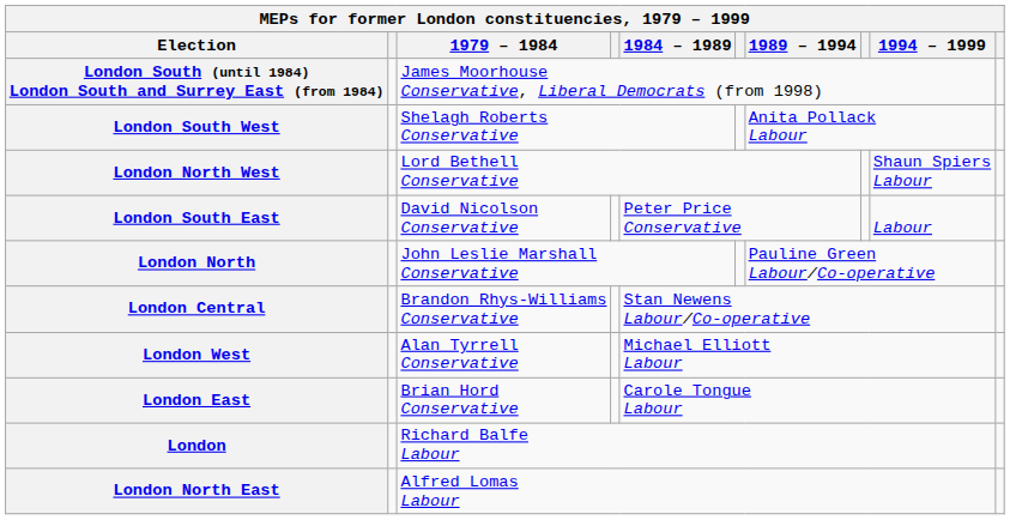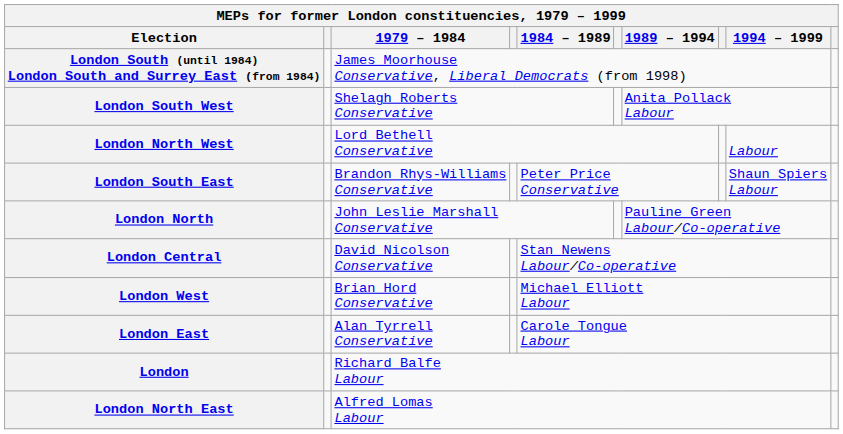 <table class="wikitable">
 <tr>
 <th colspan = 10>MEPs for former London constituencies, 1979 – 1999</th>
 </tr>
 <tr>
 <th>Election</th>
 <th style="width:1px;"></th>
 <th><a href='#'>1979</a> – 1984</th>
 <th style="width:1px;"></th>
 <th><a href='#'>1984</a> – 1989</th>
 <th style="width:1px;"></th>
 <th><a href='#'>1989</a> – 1994</th>
 <th style="width:1px;"></th>
 <th><a href='#'>1994</a> – 1999</th>
 <th style="width:1px;"></th>
 </tr>
 <tr>
 <th><a href='#'>London South</a> <small>(until 1984)</small><br><a href='#'>London South and Surrey East</a> <small>(from 1984)</small></th>
 <td width=1px style="background-color: "></td>
 <td colspan = 7><a href='#'>James Moorhouse</a><br><em><a href='#'>Conservative</a></em>, <em><a href='#'>Liberal Democrats</a></em> (from 1998)</td>
 <td width=1px style="background-color: "></td>
 </tr>
 <tr>
 <th><a href='#'>London South West</a></th>
 <td width=1px style="background-color: "></td>
 <td colspan = 3><a href='#'>Shelagh Roberts</a><br><em><a href='#'>Conservative</a></em></td>
 <td width=1px style="background-color: "></td>
 <td colspan = 3><a href='#'>Anita Pollack</a><br><em><a href='#'>Labour</a></em></td>
 <td width=1px style="background-color: "></td>
 </tr>
 <tr>
 <th><a href='#'>London North West</a></th>
 <td width=1px style="background-color: "></td>
 <td colspan = 5><a href='#'>Lord Bethell</a><br><em><a href='#'>Conservative</a></em></td>
 <td width=1px style="background-color: "></td>
-<td><a href='#'>Shaun Spiers</a><br><em><a href='#'>Labour</a></em></td>
+<td><br><em><a href='#'>Labour</a></em></td>
 <td width=1px style="background-color: "></td>
 </tr>
 <tr>
 <th><a href='#'>London South East</a></th>
 <td width=1px style="background-color: "></td>
-<td><a href='#'>David Nicolson</a><br><em><a href='#'>Conservative</a></em></td>
+<td><a href='#'>Brandon Rhys-Williams</a><br><em><a href='#'>Conservative</a></em></td>
 <td width=1px style="background-color: "></td>
 <td colspan = 3><a href='#'>Peter Price</a><br><em><a href='#'>Conservative</a></em></td>
 <td width=1px style="background-color: "></td>
-<td><br><em><a href='#'>Labour</a></em></td>
+<td><a href='#'>Shaun Spiers</a><br><em><a href='#'>Labour</a></em></td>
 <td width=1px style="background-color: "></td>
 </tr>
 <tr>
 <th><a href='#'>London North</a></th>
 <td width=1px style="background-color: "></td>
 <td colspan = 3><a href='#'>John Leslie Marshall</a><br><em><a href='#'>Conservative</a></em></td>
 <td width=1px style="background-color: "></td>
 <td colspan = 3><a href='#'>Pauline Green</a><br><em><a href='#'>Labour</a>/<a href='#'>Co-operative</a></em></td>
 <td width=1px style="background-color: "></td>
 </tr>
 <tr>
 <th><a href='#'>London Central</a></th>
 <td width=1px style="background-color: "></td>
-<td><a href='#'>Brandon Rhys-Williams</a><br><em><a href='#'>Conservative</a></em></td>
+<td><a href='#'>David Nicolson</a><br><em><a href='#'>Conservative</a></em></td>
 <td width=1px style="background-color: "></td>
 <td colspan = 5><a href='#'>Stan Newens</a><br><em><a href='#'>Labour</a>/<a href='#'>Co-operative</a></em></td>
 <td width=1px style="background-color: "></td>
 </tr>
 <tr>
 <th><a href='#'>London West</a></th>
 <td width=1px style="background-color: "></td>
-<td><a href='#'>Alan Tyrrell</a><br><em><a href='#'>Conservative</a></em></td>
+<td><a href='#'>Brian Hord</a><br><em><a href='#'>Conservative</a></em></td>
 <td width=1px style="background-color: "></td>
 <td colspan = 5><a href='#'>Michael Elliott</a><br><em><a href='#'>Labour</a></em></td>
 <td width=1px style="background-color: "></td>
 </tr>
 <tr>
 <th><a href='#'>London East</a></th>
 <td width=1px style="background-color: "></td>
-<td><a href='#'>Brian Hord</a><br><em><a href='#'>Conservative</a></em></td>
+<td><a href='#'>Alan Tyrrell</a><br><em><a href='#'>Conservative</a></em></td>
 <td width=1px style="background-color: "></td>
 <td colspan = 5><a href='#'>Carole Tongue</a><br><em><a href='#'>Labour</a></em></td>
 <td width=1px style="background-color: "></td>
 </tr>
 <tr>
 <th><a href='#'>London </a></th>
 <td width=1px style="background-color: "></td>
 <td colspan = 7><a href='#'>Richard Balfe</a><br><em><a href='#'>Labour</a></em></td>
 <td width=1px style="background-color: "></td>
 </tr>
 <tr>
 <th><a href='#'>London North East</a></th>
 <td width=1px style="background-color: "></td>
 <td colspan = 7><a href='#'>Alfred Lomas</a><br><em><a href='#'>Labour</a></em></td>
 <td width=1px style="background-color: "></td>
 </tr>
 </table>
